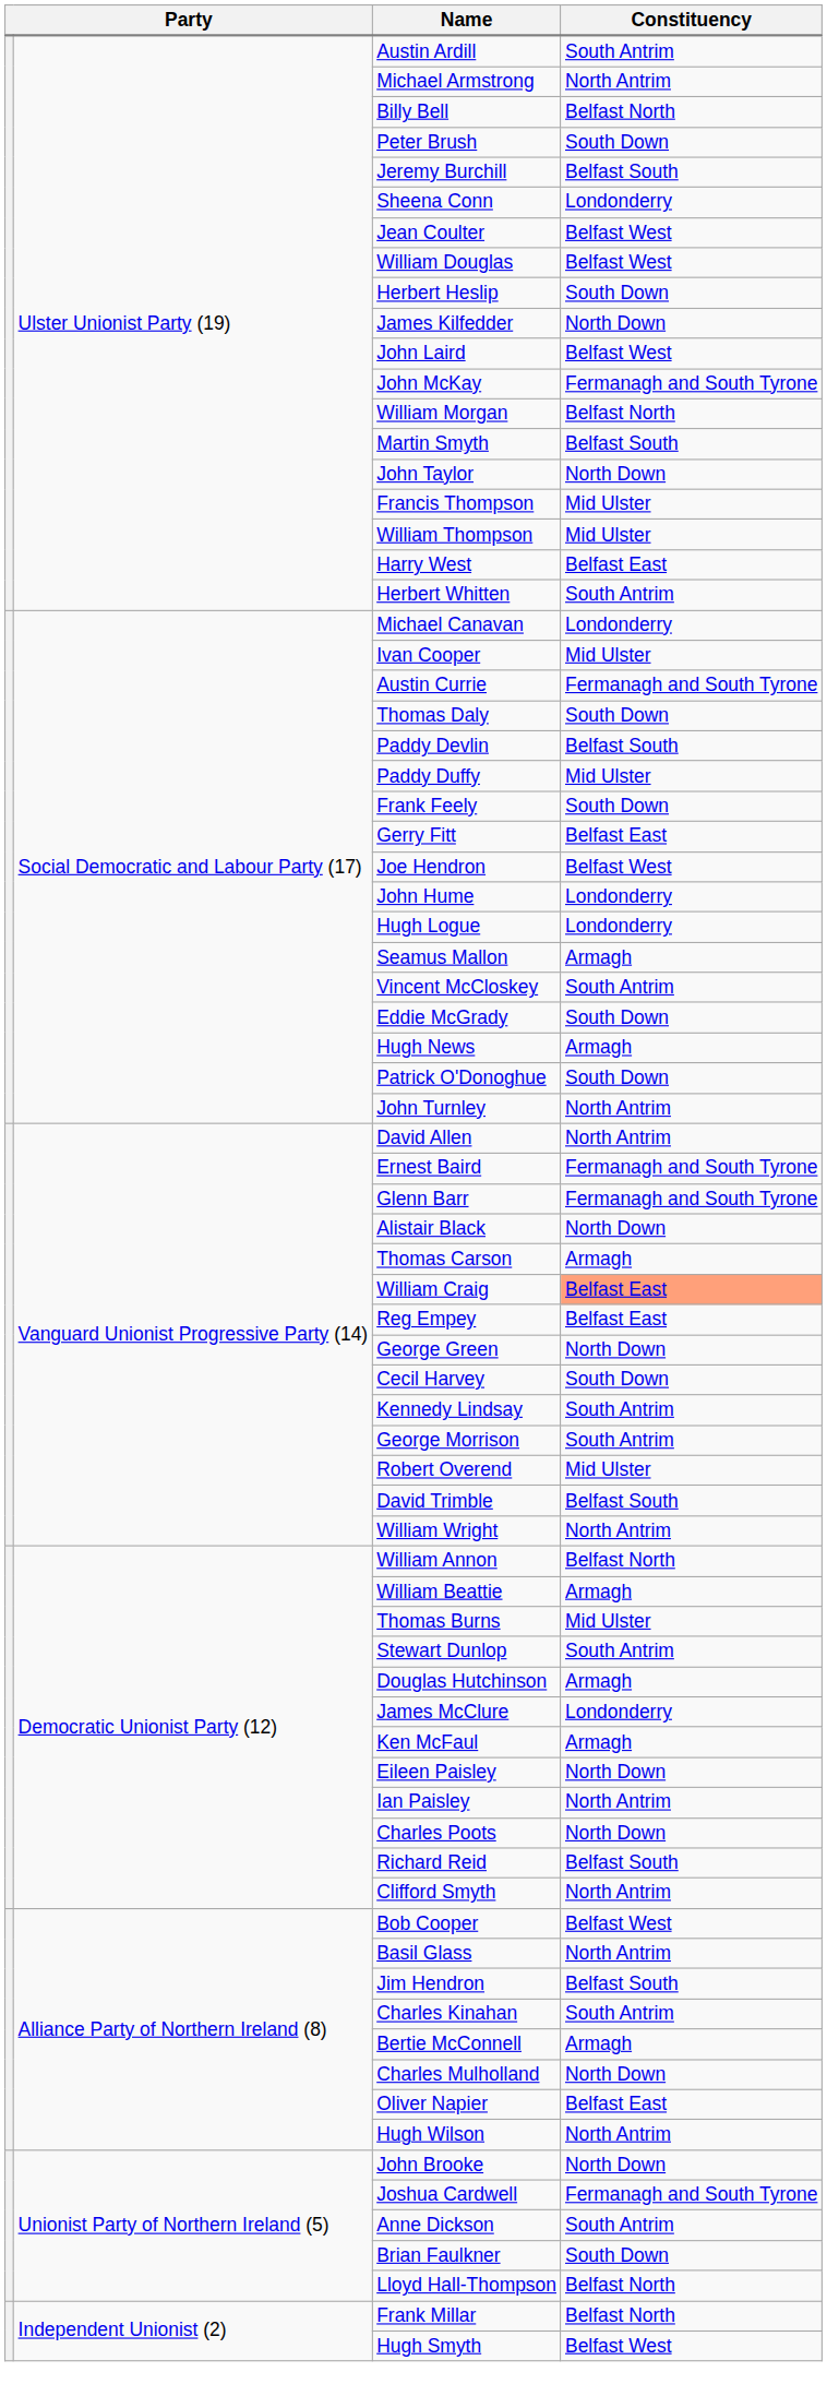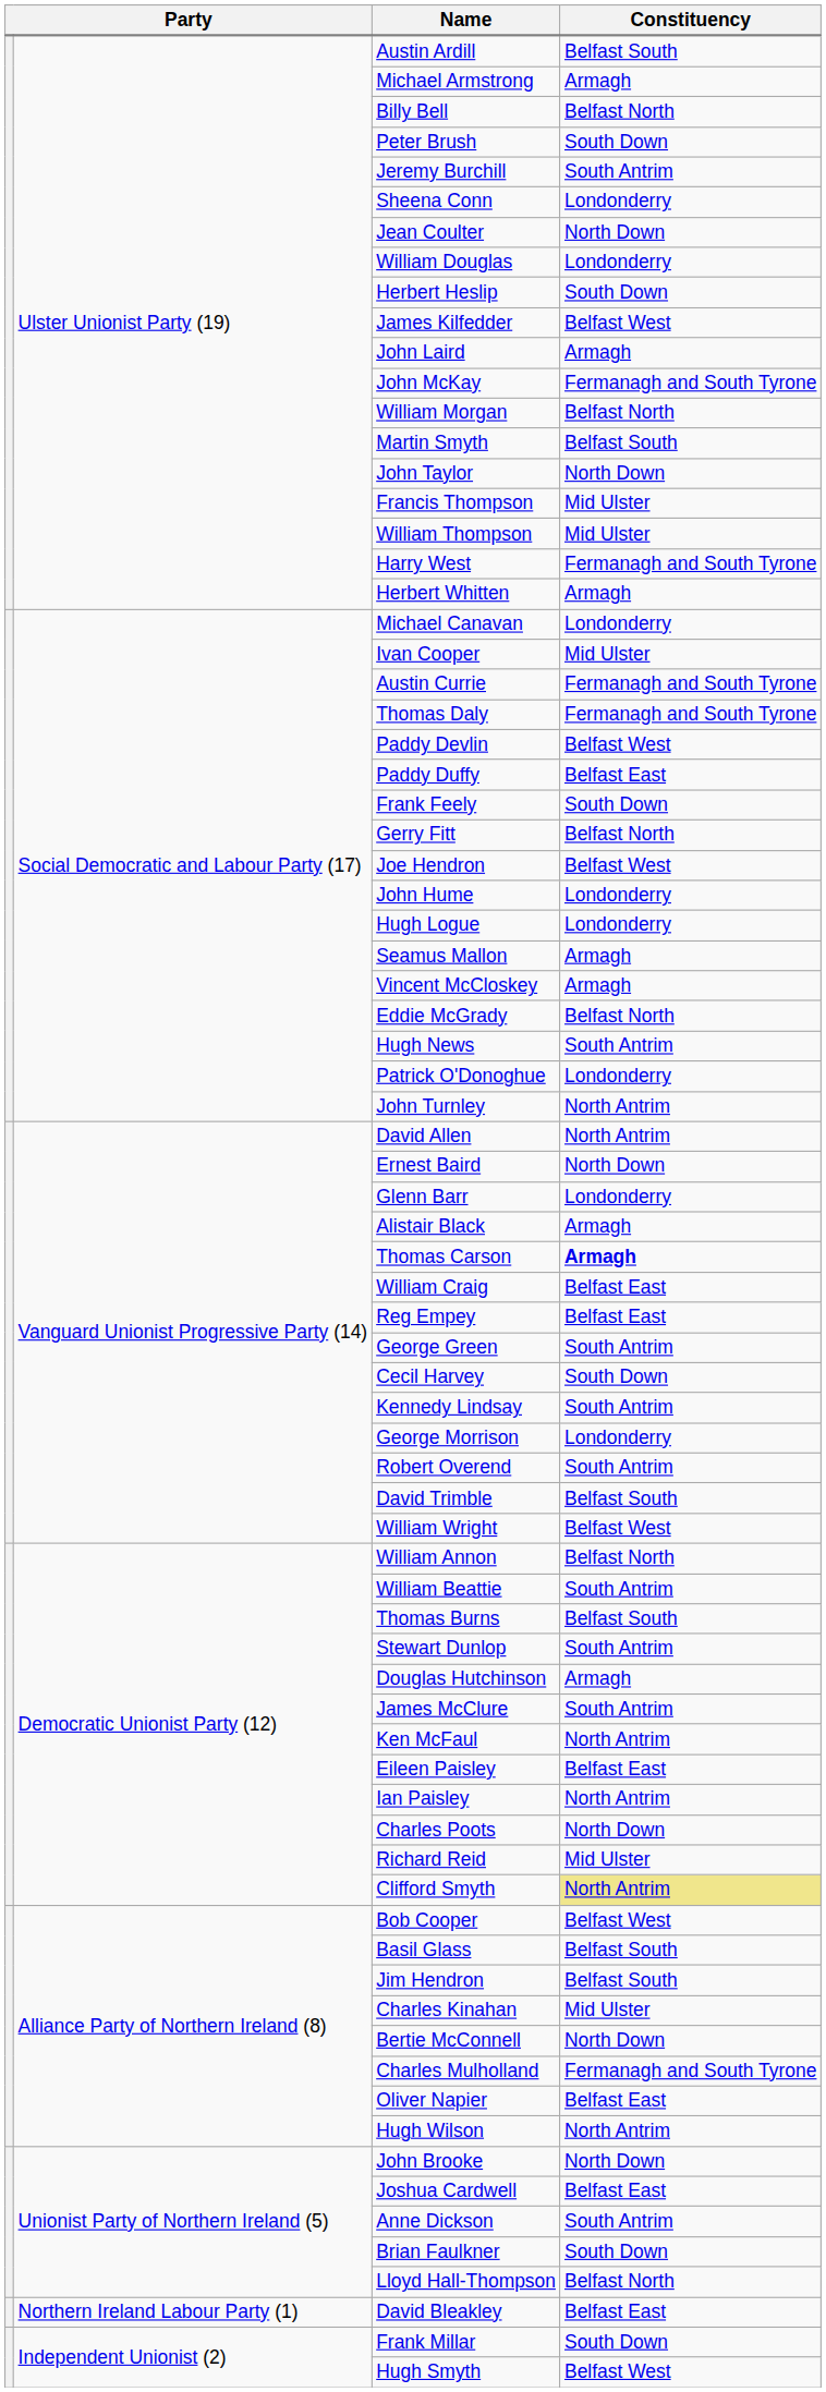 <table class="wikitable">
 <tr style="border-bottom: 2px solid gray;">
 <th colspan=2>Party</th>
 <th>Name</th>
 <th>Constituency</th>
 </tr>
 <tr>
 <th rowspan="19" style="background-color: "></th>
 <td rowspan="19"><a href='#'>Ulster Unionist Party</a> (19)</td>
 <td><a href='#'>Austin Ardill</a></td>
-<td><a href='#'>South Antrim</a></td>
+<td><a href='#'>Belfast South</a></td>
 </tr>
 <tr>
 <td><a href='#'>Michael Armstrong</a></td>
-<td><a href='#'>North Antrim</a></td>
+<td><a href='#'>Armagh</a></td>
 </tr>
 <tr>
 <td><a href='#'>Billy Bell</a></td>
 <td><a href='#'>Belfast North</a></td>
 </tr>
 <tr>
 <td><a href='#'>Peter Brush</a></td>
 <td><a href='#'>South Down</a></td>
 </tr>
 <tr>
 <td><a href='#'>Jeremy Burchill</a></td>
-<td><a href='#'>Belfast South</a></td>
+<td><a href='#'>South Antrim</a></td>
 </tr>
 <tr>
 <td><a href='#'>Sheena Conn</a></td>
 <td><a href='#'>Londonderry</a></td>
 </tr>
 <tr>
 <td><a href='#'>Jean Coulter</a></td>
-<td><a href='#'>Belfast West</a></td>
+<td><a href='#'>North Down</a></td>
 </tr>
 <tr>
 <td><a href='#'>William Douglas</a></td>
-<td><a href='#'>Belfast West</a></td>
+<td><a href='#'>Londonderry</a></td>
 </tr>
 <tr>
 <td><a href='#'>Herbert Heslip</a></td>
 <td><a href='#'>South Down</a></td>
 </tr>
 <tr>
 <td><a href='#'>James Kilfedder</a></td>
-<td><a href='#'>North Down</a></td>
+<td><a href='#'>Belfast West</a></td>
 </tr>
 <tr>
 <td><a href='#'>John Laird</a></td>
-<td><a href='#'>Belfast West</a></td>
+<td><a href='#'>Armagh</a></td>
 </tr>
 <tr>
 <td><a href='#'>John McKay</a></td>
 <td><a href='#'>Fermanagh and South Tyrone</a></td>
 </tr>
 <tr>
 <td><a href='#'>William Morgan</a></td>
 <td><a href='#'>Belfast North</a></td>
 </tr>
 <tr>
 <td><a href='#'>Martin Smyth</a></td>
 <td><a href='#'>Belfast South</a></td>
 </tr>
 <tr>
 <td><a href='#'>John Taylor</a></td>
 <td><a href='#'>North Down</a></td>
 </tr>
 <tr>
 <td><a href='#'>Francis Thompson</a></td>
 <td><a href='#'>Mid Ulster</a></td>
 </tr>
 <tr>
 <td><a href='#'>William Thompson</a></td>
 <td><a href='#'>Mid Ulster</a></td>
 </tr>
 <tr>
 <td><a href='#'>Harry West</a></td>
-<td><a href='#'>Belfast East</a></td>
+<td><a href='#'>Fermanagh and South Tyrone</a></td>
 </tr>
 <tr>
 <td><a href='#'>Herbert Whitten</a></td>
-<td><a href='#'>South Antrim</a></td>
+<td><a href='#'>Armagh</a></td>
 </tr>
 <tr>
 <th rowspan="17" style="background-color: "></th>
 <td rowspan="17"><a href='#'>Social Democratic and Labour Party</a> (17)</td>
 <td><a href='#'>Michael Canavan</a></td>
 <td><a href='#'>Londonderry</a></td>
 </tr>
 <tr>
 <td><a href='#'>Ivan Cooper</a></td>
 <td><a href='#'>Mid Ulster</a></td>
 </tr>
 <tr>
 <td><a href='#'>Austin Currie</a></td>
 <td><a href='#'>Fermanagh and South Tyrone</a></td>
 </tr>
 <tr>
 <td><a href='#'>Thomas Daly</a></td>
-<td><a href='#'>South Down</a></td>
+<td><a href='#'>Fermanagh and South Tyrone</a></td>
 </tr>
 <tr>
 <td><a href='#'>Paddy Devlin</a></td>
-<td><a href='#'>Belfast South</a></td>
+<td><a href='#'>Belfast West</a></td>
 </tr>
 <tr>
 <td><a href='#'>Paddy Duffy</a></td>
-<td><a href='#'>Mid Ulster</a></td>
+<td><a href='#'>Belfast East</a></td>
 </tr>
 <tr>
 <td><a href='#'>Frank Feely</a></td>
 <td><a href='#'>South Down</a></td>
 </tr>
 <tr>
 <td><a href='#'>Gerry Fitt</a></td>
-<td><a href='#'>Belfast East</a></td>
+<td><a href='#'>Belfast North</a></td>
 </tr>
 <tr>
 <td><a href='#'>Joe Hendron</a></td>
 <td><a href='#'>Belfast West</a></td>
 </tr>
 <tr>
 <td><a href='#'>John Hume</a></td>
 <td><a href='#'>Londonderry</a></td>
 </tr>
 <tr>
 <td><a href='#'>Hugh Logue</a></td>
 <td><a href='#'>Londonderry</a></td>
 </tr>
 <tr>
 <td><a href='#'>Seamus Mallon</a></td>
 <td><a href='#'>Armagh</a></td>
 </tr>
 <tr>
 <td><a href='#'>Vincent McCloskey</a></td>
+<td><a href='#'>Armagh</a></td>
+</tr>
+<tr>
+<td><a href='#'>Eddie McGrady</a></td>
+<td><a href='#'>Belfast North</a></td>
+</tr>
+<tr>
+<td><a href='#'>Hugh News</a></td>
 <td><a href='#'>South Antrim</a></td>
 </tr>
 <tr>
-<td><a href='#'>Eddie McGrady</a></td>
-<td><a href='#'>South Down</a></td>
-</tr>
-<tr>
-<td><a href='#'>Hugh News</a></td>
-<td><a href='#'>Armagh</a></td>
-</tr>
-<tr>
 <td><a href='#'>Patrick O'Donoghue</a></td>
-<td><a href='#'>South Down</a></td>
+<td><a href='#'>Londonderry</a></td>
 </tr>
 <tr>
 <td><a href='#'>John Turnley</a></td>
 <td><a href='#'>North Antrim</a></td>
 </tr>
 <tr>
 <th rowspan="14" style="background-color: "></th>
 <td rowspan="14"><a href='#'>Vanguard Unionist Progressive Party</a> (14)</td>
 <td><a href='#'>David Allen</a></td>
 <td><a href='#'>North Antrim</a></td>
 </tr>
 <tr>
 <td><a href='#'>Ernest Baird</a></td>
-<td><a href='#'>Fermanagh and South Tyrone</a></td>
+<td><a href='#'>North Down</a></td>
 </tr>
 <tr>
 <td><a href='#'>Glenn Barr</a></td>
-<td><a href='#'>Fermanagh and South Tyrone</a></td>
+<td><a href='#'>Londonderry</a></td>
 </tr>
 <tr>
 <td><a href='#'>Alistair Black</a></td>
-<td><a href='#'>North Down</a></td>
+<td><a href='#'>Armagh</a></td>
 </tr>
 <tr>
 <td><a href='#'>Thomas Carson</a></td>
-<td><a href='#'>Armagh</a></td>
+<td><strong><a href='#'>Armagh</a></strong></td>
 </tr>
 <tr>
 <td><a href='#'>William Craig</a></td>
-<td style="background: lightsalmon;"><a href='#'>Belfast East</a></td>
+<td><a href='#'>Belfast East</a></td>
 </tr>
 <tr>
 <td><a href='#'>Reg Empey</a></td>
 <td><a href='#'>Belfast East</a></td>
 </tr>
 <tr>
 <td><a href='#'>George Green</a></td>
-<td><a href='#'>North Down</a></td>
+<td><a href='#'>South Antrim</a></td>
 </tr>
 <tr>
 <td><a href='#'>Cecil Harvey</a></td>
 <td><a href='#'>South Down</a></td>
 </tr>
 <tr>
 <td><a href='#'>Kennedy Lindsay</a></td>
 <td><a href='#'>South Antrim</a></td>
 </tr>
 <tr>
 <td><a href='#'>George Morrison</a></td>
-<td><a href='#'>South Antrim</a></td>
+<td><a href='#'>Londonderry</a></td>
 </tr>
 <tr>
 <td><a href='#'>Robert Overend</a></td>
-<td><a href='#'>Mid Ulster</a></td>
+<td><a href='#'>South Antrim</a></td>
 </tr>
 <tr>
 <td><a href='#'>David Trimble</a></td>
 <td><a href='#'>Belfast South</a></td>
 </tr>
 <tr>
 <td><a href='#'>William Wright</a></td>
-<td><a href='#'>North Antrim</a></td>
+<td><a href='#'>Belfast West</a></td>
 </tr>
 <tr>
 <th rowspan="12" style="background-color: "></th>
 <td rowspan="12"><a href='#'>Democratic Unionist Party</a> (12)</td>
 <td><a href='#'>William Annon</a></td>
 <td><a href='#'>Belfast North</a></td>
 </tr>
 <tr>
 <td><a href='#'>William Beattie</a></td>
-<td><a href='#'>Armagh</a></td>
+<td><a href='#'>South Antrim</a></td>
 </tr>
 <tr>
 <td><a href='#'>Thomas Burns</a></td>
-<td><a href='#'>Mid Ulster</a></td>
+<td><a href='#'>Belfast South</a></td>
 </tr>
 <tr>
 <td><a href='#'>Stewart Dunlop</a></td>
 <td><a href='#'>South Antrim</a></td>
 </tr>
 <tr>
 <td><a href='#'>Douglas Hutchinson</a></td>
 <td><a href='#'>Armagh</a></td>
 </tr>
 <tr>
 <td><a href='#'>James McClure</a></td>
-<td><a href='#'>Londonderry</a></td>
+<td><a href='#'>South Antrim</a></td>
 </tr>
 <tr>
 <td><a href='#'>Ken McFaul</a></td>
-<td><a href='#'>Armagh</a></td>
+<td><a href='#'>North Antrim</a></td>
 </tr>
 <tr>
 <td><a href='#'>Eileen Paisley</a></td>
-<td><a href='#'>North Down</a></td>
+<td><a href='#'>Belfast East</a></td>
 </tr>
 <tr>
 <td><a href='#'>Ian Paisley</a></td>
 <td><a href='#'>North Antrim</a></td>
 </tr>
 <tr>
 <td><a href='#'>Charles Poots</a></td>
 <td><a href='#'>North Down</a></td>
 </tr>
 <tr>
 <td><a href='#'>Richard Reid</a></td>
-<td><a href='#'>Belfast South</a></td>
+<td><a href='#'>Mid Ulster</a></td>
 </tr>
 <tr>
 <td><a href='#'>Clifford Smyth</a></td>
-<td><a href='#'>North Antrim</a></td>
+<td style="background: khaki;"><a href='#'>North Antrim</a></td>
 </tr>
 <tr>
 <th rowspan="8" style="background-color: "></th>
 <td rowspan="8"><a href='#'>Alliance Party of Northern Ireland</a> (8)</td>
 <td><a href='#'>Bob Cooper</a></td>
 <td><a href='#'>Belfast West</a></td>
 </tr>
 <tr>
 <td><a href='#'>Basil Glass</a></td>
-<td><a href='#'>North Antrim</a></td>
+<td><a href='#'>Belfast South</a></td>
 </tr>
 <tr>
 <td><a href='#'>Jim Hendron</a></td>
 <td><a href='#'>Belfast South</a></td>
 </tr>
 <tr>
 <td><a href='#'>Charles Kinahan</a></td>
-<td><a href='#'>South Antrim</a></td>
+<td><a href='#'>Mid Ulster</a></td>
 </tr>
 <tr>
 <td><a href='#'>Bertie McConnell</a></td>
-<td><a href='#'>Armagh</a></td>
+<td><a href='#'>North Down</a></td>
 </tr>
 <tr>
 <td><a href='#'>Charles Mulholland</a></td>
-<td><a href='#'>North Down</a></td>
+<td><a href='#'>Fermanagh and South Tyrone</a></td>
 </tr>
 <tr>
 <td><a href='#'>Oliver Napier</a></td>
 <td><a href='#'>Belfast East</a></td>
 </tr>
 <tr>
 <td><a href='#'>Hugh Wilson</a></td>
 <td><a href='#'>North Antrim</a></td>
 </tr>
 <tr>
 <th rowspan="5" style="background-color: "></th>
 <td rowspan="5"><a href='#'>Unionist Party of Northern Ireland</a> (5)</td>
 <td><a href='#'>John Brooke</a></td>
 <td><a href='#'>North Down</a></td>
 </tr>
 <tr>
 <td><a href='#'>Joshua Cardwell</a></td>
-<td><a href='#'>Fermanagh and South Tyrone</a></td>
+<td><a href='#'>Belfast East</a></td>
 </tr>
 <tr>
 <td><a href='#'>Anne Dickson</a></td>
 <td><a href='#'>South Antrim</a></td>
 </tr>
 <tr>
 <td><a href='#'>Brian Faulkner</a></td>
 <td><a href='#'>South Down</a></td>
 </tr>
 <tr>
 <td><a href='#'>Lloyd Hall-Thompson</a></td>
 <td><a href='#'>Belfast North</a></td>
 </tr>
 <tr>
+<th rowspan="1" style="background-color: "></th>
+<td rowspan="1"><a href='#'>Northern Ireland Labour Party</a> (1)</td>
+<td><a href='#'>David Bleakley</a></td>
+<td><a href='#'>Belfast East</a></td>
+</tr>
+<tr>
 <th rowspan="2" style="background-color: "></th>
 <td rowspan="2"><a href='#'>Independent Unionist</a> (2)</td>
 <td><a href='#'>Frank Millar</a></td>
-<td><a href='#'>Belfast North</a></td>
+<td><a href='#'>South Down</a></td>
 </tr>
 <tr>
 <td><a href='#'>Hugh Smyth</a></td>
 <td><a href='#'>Belfast West</a></td>
 </tr>
 </table>
